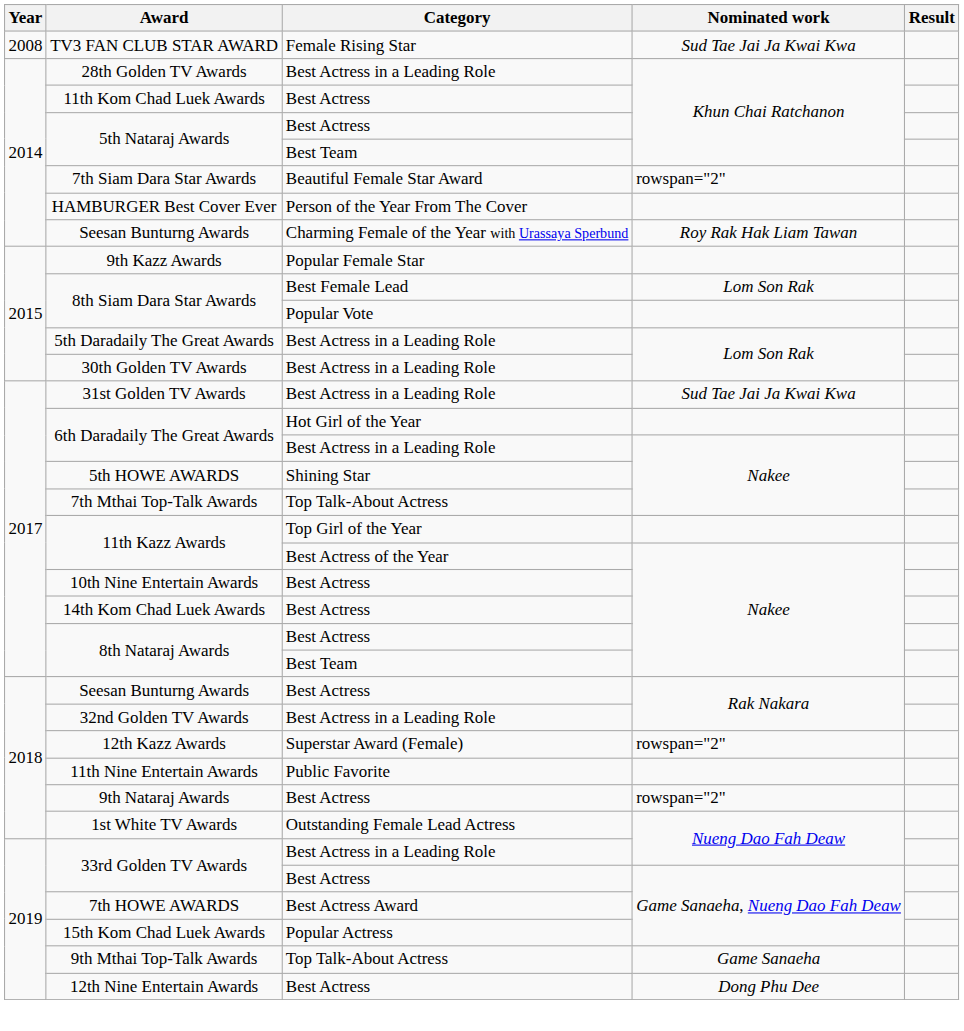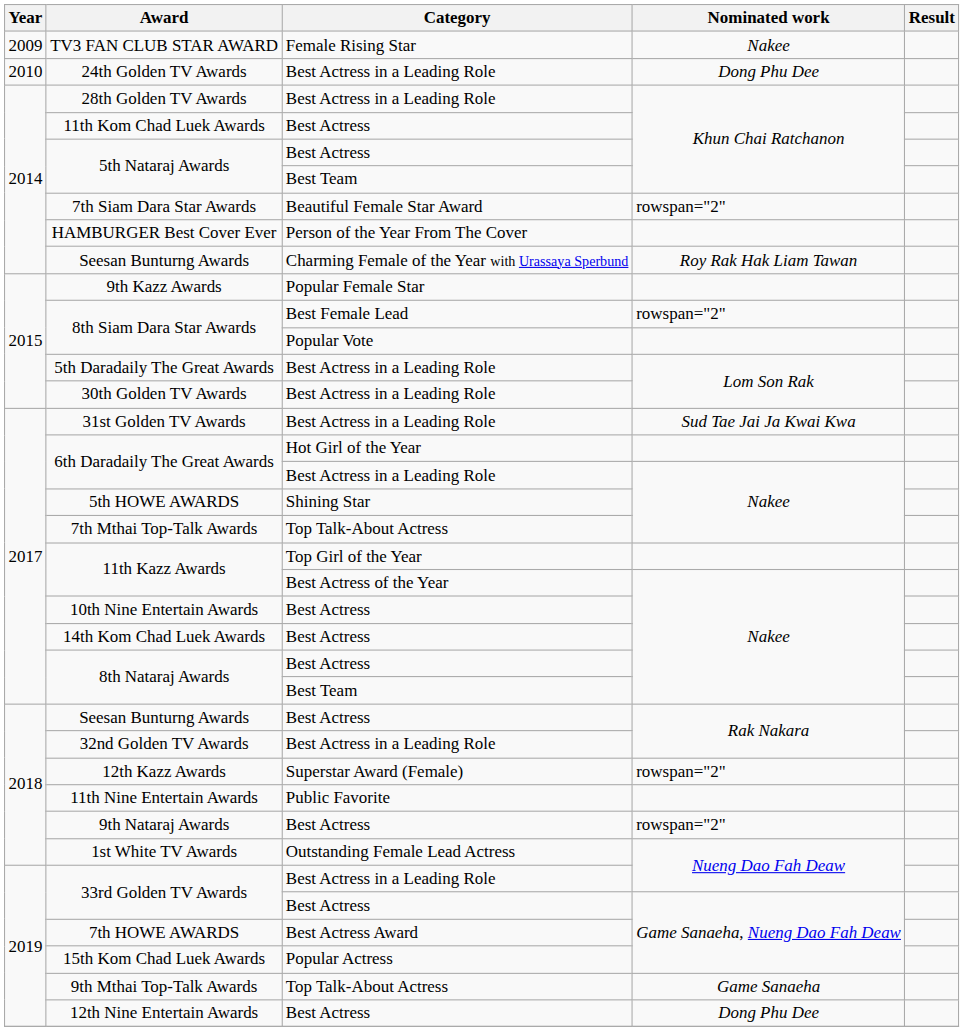 <table class="wikitable">
 <tr style="text-align:center;">
 <th>Year</th>
 <th>Award</th>
 <th>Category</th>
 <th>Nominated work</th>
 <th>Result</th>
 </tr>
 <tr>
-<td>2008</td>
+<td>2009</td>
 <td style="text-align:center;">TV3 FAN CLUB STAR AWARD</td>
 <td>Female Rising Star</td>
-<td style="text-align:center;"><em>Sud Tae Jai Ja Kwai Kwa</em></td>
+<td style="text-align:center;"><em>Nakee</em></td>
+<td></td>
+</tr>
+<tr>
+<td>2010</td>
+<td style="text-align:center;">24th Golden TV Awards</td>
+<td>Best Actress in a Leading Role</td>
+<td style="text-align:center;"><em>Dong Phu Dee</em></td>
 <td></td>
 </tr>
 <tr>
 <td rowspan="7">2014</td>
 <td style="text-align:center;">28th Golden TV Awards</td>
 <td>Best Actress in a Leading Role</td>
 <td rowspan="4" style="text-align:center;"><em>Khun Chai Ratchanon</em></td>
 <td></td>
 </tr>
 <tr>
 <td style="text-align:center;">11th Kom Chad Luek Awards</td>
 <td>Best Actress</td>
 <td></td>
 </tr>
 <tr>
 <td rowspan="2" style="text-align:center;">5th Nataraj Awards</td>
 <td>Best Actress</td>
 <td></td>
 </tr>
 <tr>
 <td>Best Team</td>
 <td></td>
 </tr>
 <tr>
 <td style="text-align:center;">7th Siam Dara Star Awards</td>
 <td>Beautiful Female Star Award</td>
 <td>rowspan="2" </td>
 <td></td>
 </tr>
 <tr>
 <td style="text-align:center;">HAMBURGER Best Cover Ever</td>
 <td>Person of the Year From The Cover</td>
 <td></td>
 </tr>
 <tr>
 <td style="text-align:center;">Seesan Bunturng Awards</td>
 <td>Charming Female of the Year <small>with <a href='#'>Urassaya Sperbund</a></small></td>
 <td style="text-align:center;"><em>Roy Rak Hak Liam Tawan</em></td>
 <td></td>
 </tr>
 <tr>
 <td rowspan="5">2015</td>
 <td style="text-align:center;">9th Kazz Awards</td>
 <td>Popular Female Star</td>
 <td></td>
 <td></td>
 </tr>
 <tr>
 <td rowspan="2" style="text-align:center;">8th Siam Dara Star Awards</td>
 <td>Best Female Lead</td>
-<td style="text-align:center;"><em>Lom Son Rak</em></td>
+<td>rowspan="2" </td>
 <td></td>
 </tr>
 <tr>
 <td>Popular Vote</td>
 <td></td>
 <td></td>
 </tr>
 <tr>
 <td style="text-align:center;">5th Daradaily The Great Awards</td>
 <td>Best Actress in a Leading Role</td>
 <td rowspan="2" style="text-align:center;"><em>Lom Son Rak</em></td>
 <td></td>
 </tr>
 <tr>
 <td style="text-align:center;">30th Golden TV Awards</td>
 <td>Best Actress in a Leading Role</td>
 <td></td>
 </tr>
 <tr>
 <td rowspan="11">2017</td>
 <td style="text-align:center;">31st Golden TV Awards</td>
 <td>Best Actress in a Leading Role</td>
 <td style="text-align:center;"><em>Sud Tae Jai Ja Kwai Kwa</em></td>
 <td></td>
 </tr>
 <tr>
 <td rowspan="2" style="text-align:center;">6th Daradaily The Great Awards</td>
 <td>Hot Girl of the Year</td>
 <td></td>
 <td></td>
 </tr>
 <tr>
 <td>Best Actress in a Leading Role</td>
 <td rowspan="3" style="text-align:center;"><em>Nakee</em></td>
 <td></td>
 </tr>
 <tr>
 <td style="text-align:center;">5th HOWE AWARDS</td>
 <td>Shining Star</td>
 <td></td>
 </tr>
 <tr>
 <td style="text-align:center;">7th Mthai Top-Talk Awards</td>
 <td>Top Talk-About Actress</td>
 <td></td>
 </tr>
 <tr>
 <td rowspan="2" style="text-align:center;">11th Kazz Awards</td>
 <td>Top Girl of the Year</td>
 <td></td>
 <td></td>
 </tr>
 <tr>
 <td>Best Actress of the Year</td>
 <td rowspan="5" style="text-align:center;"><em>Nakee</em></td>
 <td></td>
 </tr>
 <tr>
 <td style="text-align:center;">10th Nine Entertain Awards</td>
 <td>Best Actress</td>
 <td></td>
 </tr>
 <tr>
 <td style="text-align:center;">14th Kom Chad Luek Awards</td>
 <td>Best Actress</td>
 <td></td>
 </tr>
 <tr>
 <td rowspan="2" style="text-align:center;">8th Nataraj Awards</td>
 <td>Best Actress</td>
 <td></td>
 </tr>
 <tr>
 <td>Best Team</td>
 <td></td>
 </tr>
 <tr>
 <td rowspan="6">2018</td>
 <td style="text-align:center;">Seesan Bunturng Awards</td>
 <td>Best Actress</td>
 <td rowspan="2" style="text-align:center;"><em>Rak Nakara</em></td>
 <td></td>
 </tr>
 <tr>
 <td style="text-align:center;">32nd Golden TV Awards</td>
 <td>Best Actress in a Leading Role</td>
 <td></td>
 </tr>
 <tr>
 <td style="text-align:center;">12th Kazz Awards</td>
 <td>Superstar Award (Female)</td>
 <td>rowspan="2" </td>
 <td></td>
 </tr>
 <tr>
 <td style="text-align:center;">11th Nine Entertain Awards</td>
 <td>Public Favorite</td>
 <td></td>
 </tr>
 <tr>
 <td style="text-align:center;">9th Nataraj Awards</td>
 <td>Best Actress</td>
 <td>rowspan="2" </td>
 <td></td>
 </tr>
 <tr>
 <td style="text-align:center;">1st White TV Awards</td>
 <td>Outstanding Female Lead Actress</td>
 <td rowspan="2" style="text-align:center;"><em><a href='#'>Nueng Dao Fah Deaw</a></em></td>
 <td></td>
 </tr>
 <tr>
 <td rowspan="6">2019</td>
 <td rowspan="2" style="text-align:center;">33rd Golden TV Awards</td>
 <td>Best Actress in a Leading Role</td>
 <td></td>
 </tr>
 <tr>
 <td>Best Actress</td>
 <td rowspan="3" style="text-align:center;"><em>Game Sanaeha</em>, <em><a href='#'>Nueng Dao Fah Deaw</a></em></td>
 <td></td>
 </tr>
 <tr>
 <td style="text-align:center;">7th HOWE AWARDS</td>
 <td>Best Actress Award</td>
 <td></td>
 </tr>
 <tr>
 <td style="text-align:center;">15th Kom Chad Luek Awards</td>
 <td>Popular Actress</td>
 <td></td>
 </tr>
 <tr>
 <td style="text-align:center;">9th Mthai Top-Talk Awards</td>
 <td>Top Talk-About Actress</td>
 <td style="text-align:center;"><em>Game Sanaeha</em></td>
 <td></td>
 </tr>
 <tr>
 <td style="text-align:center;">12th Nine Entertain Awards</td>
 <td>Best Actress</td>
 <td style="text-align:center;"><em>Dong Phu Dee</em></td>
 <td></td>
 </tr>
 <tr>
 </tr>
 </table>
